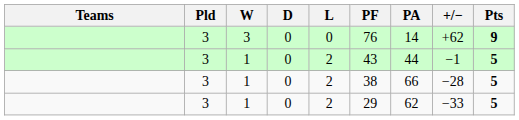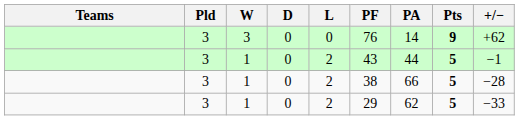 <table class="wikitable" style="text-align: center;">
 <tr>
 <th width="200">Teams</th>
 <th width="40">Pld</th>
 <th width="40">W</th>
 <th width="40">D</th>
 <th width="40">L</th>
 <th width="40">PF</th>
 <th width="40">PA</th>
+<th width="40">Pts</th>
 <th width="40">+/−</th>
-<th width="40">Pts</th>
 </tr>
 <tr bgcolor=ccffcc>
 <td align=left></td>
 <td>3</td>
 <td>3</td>
 <td>0</td>
 <td>0</td>
 <td>76</td>
 <td>14</td>
+<td><strong>9</strong></td>
 <td>+62</td>
-<td><strong>9</strong></td>
 </tr>
 <tr bgcolor=ccffcc>
 <td align=left></td>
 <td>3</td>
 <td>1</td>
 <td>0</td>
 <td>2</td>
 <td>43</td>
 <td>44</td>
+<td><strong>5</strong></td>
 <td>−1</td>
-<td><strong>5</strong></td>
 </tr>
 <tr>
 <td align=left></td>
 <td>3</td>
 <td>1</td>
 <td>0</td>
 <td>2</td>
 <td>38</td>
 <td>66</td>
+<td><strong>5</strong></td>
 <td>−28</td>
-<td><strong>5</strong></td>
 </tr>
 <tr>
 <td align=left></td>
 <td>3</td>
 <td>1</td>
 <td>0</td>
 <td>2</td>
 <td>29</td>
 <td>62</td>
+<td><strong>5</strong></td>
 <td>−33</td>
-<td><strong>5</strong></td>
 </tr>
 </table>
